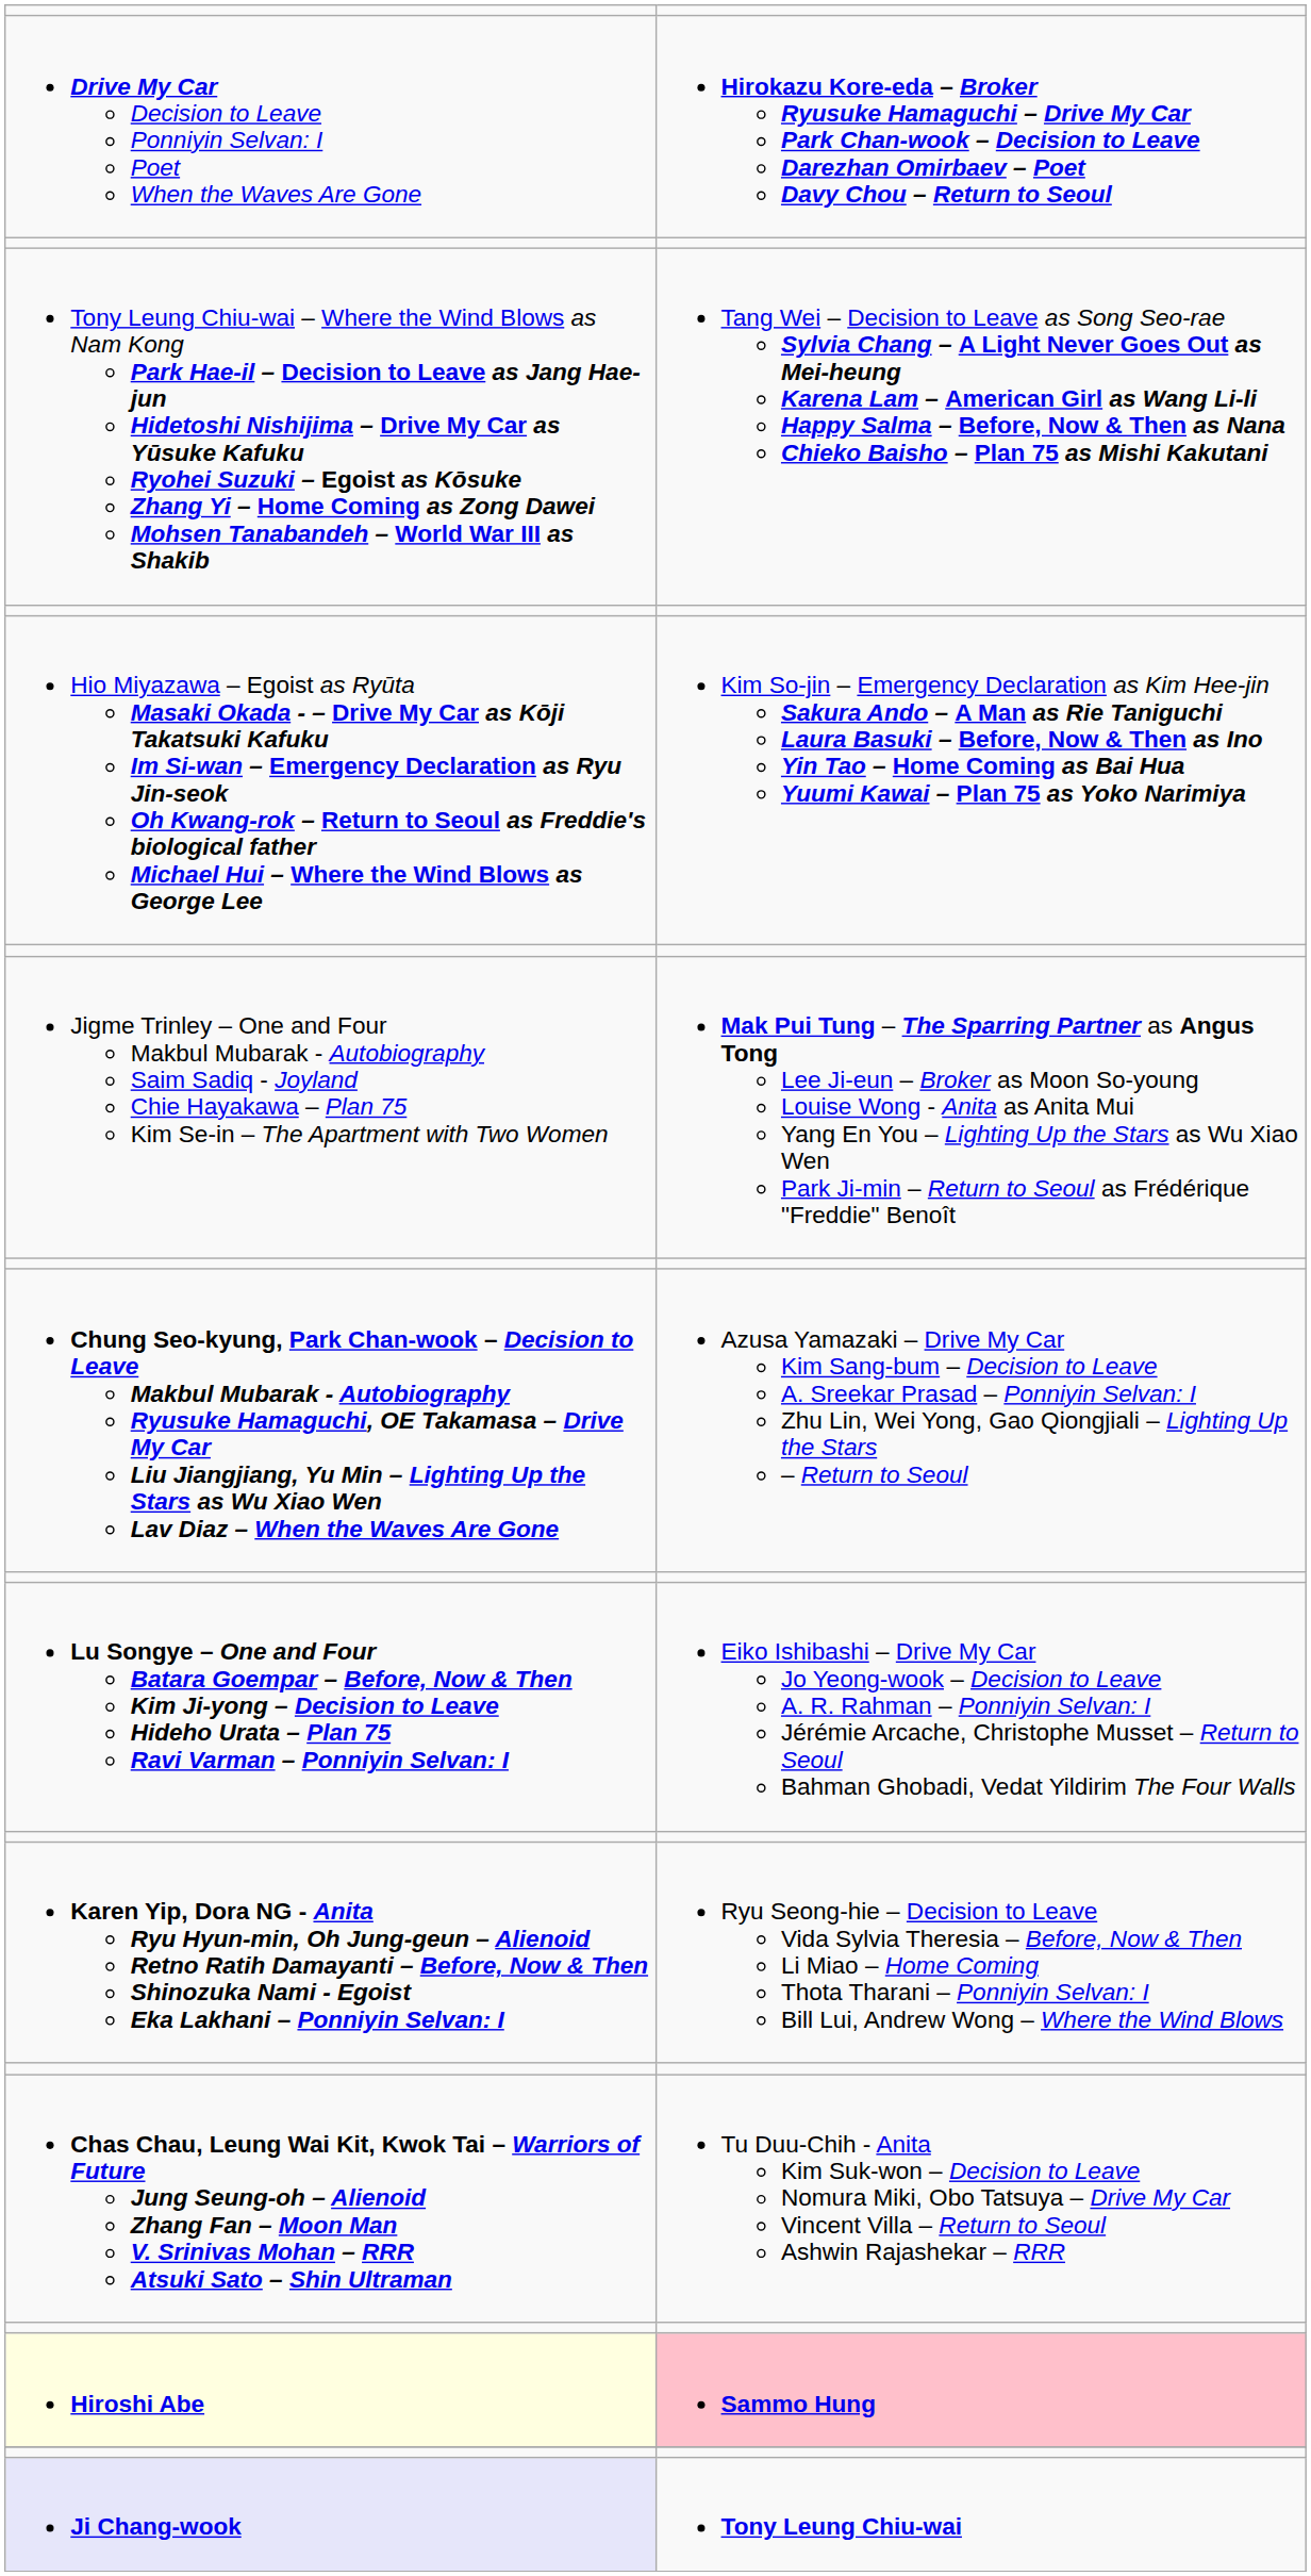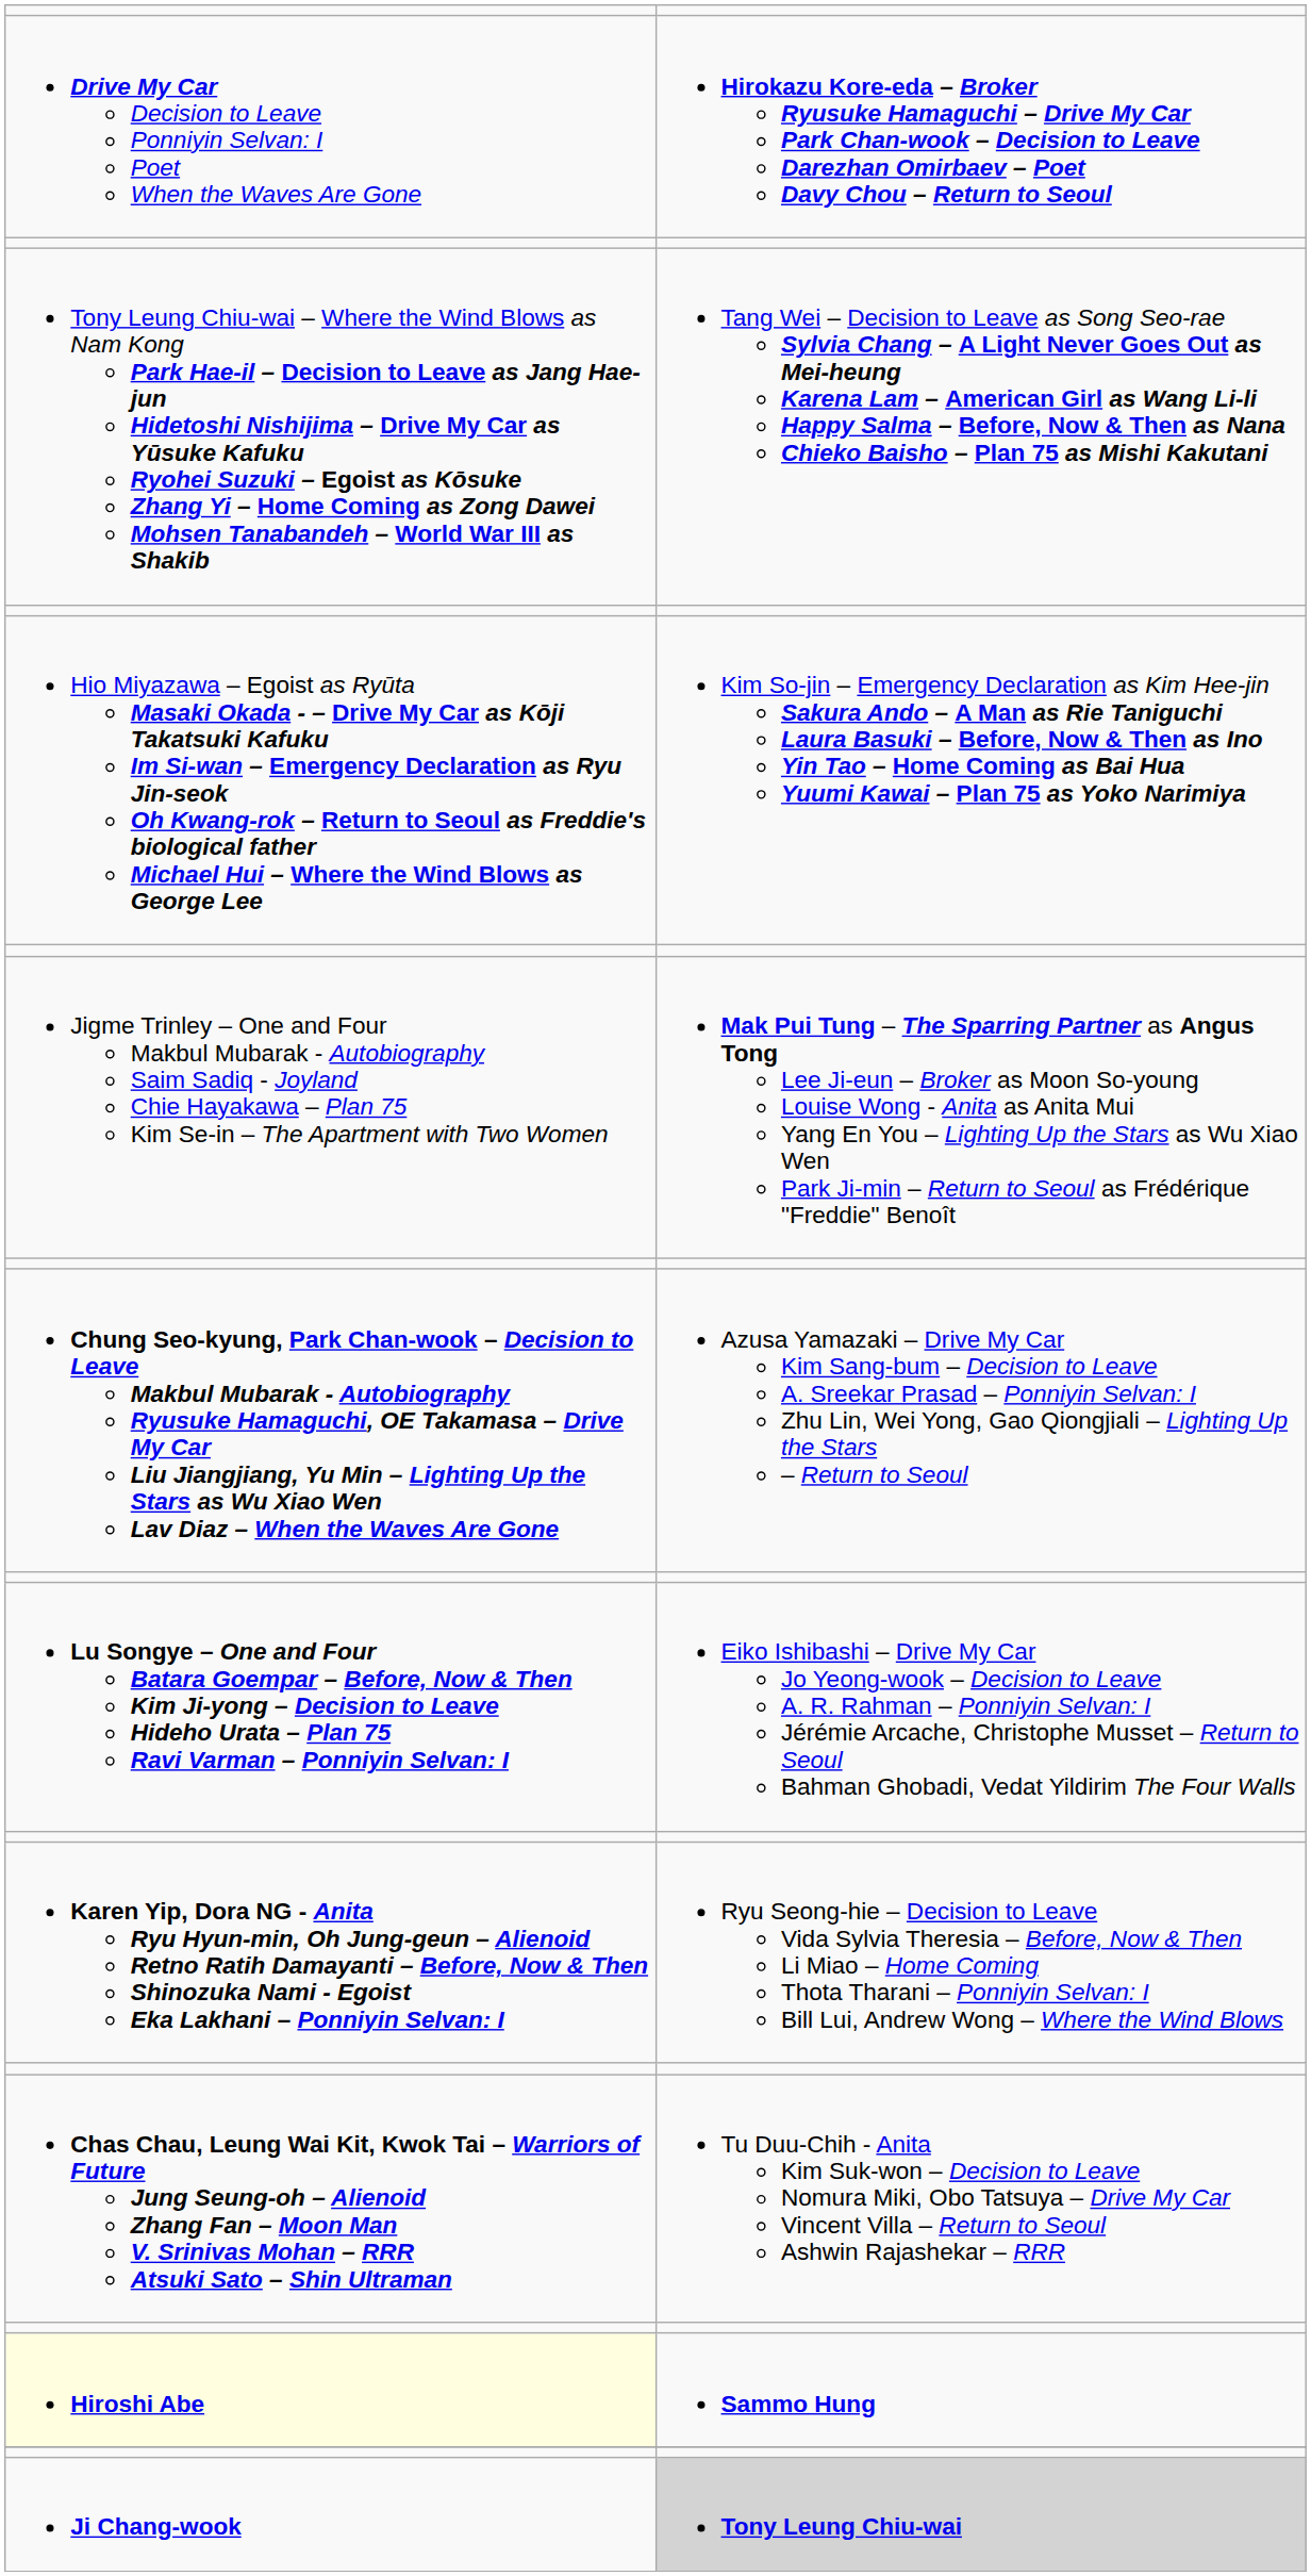 <table class="wikitable">
 <tr>
 <td></td>
 <td></td>
 </tr>
 <tr>
 <td valign="top"><br><ul><li><strong><em><a href='#'>Drive My Car</a></em></strong> <ul><li><em><a href='#'>Decision to Leave</a></em></li><li><em><a href='#'>Ponniyin Selvan: I</a></em> </li><li><em><a href='#'>Poet</a></em> </li><li><em><a href='#'>When the Waves Are Gone</a></em> </li></ul></li></ul></td>
 <td valign="top"><br><ul><li><strong><a href='#'>Hirokazu Kore-eda</a> – <em><a href='#'>Broker</a><strong><em> <ul><li><a href='#'>Ryusuke Hamaguchi</a> – </em><a href='#'>Drive My Car</a><em> </li><li><a href='#'>Park Chan-wook</a> – </em><a href='#'>Decision to Leave</a><em> </li><li><a href='#'>Darezhan Omirbaev</a> – </em><a href='#'>Poet</a><em> </li><li><a href='#'>Davy Chou</a> – </em><a href='#'>Return to Seoul</a><em> </li></ul></li></ul></td>
 </tr>
 <tr>
 <td></td>
 <td></td>
 </tr>
 <tr>
 <td valign="top"><br><ul><li></strong><a href='#'>Tony Leung Chiu-wai</a> – </em><a href='#'>Where the Wind Blows</a><em> as Nam Kong<strong> <ul><li><a href='#'>Park Hae-il</a> – </em><a href='#'>Decision to Leave</a><em> as Jang Hae-jun </li><li><a href='#'>Hidetoshi Nishijima</a> – </em><a href='#'>Drive My Car</a><em> as Yūsuke Kafuku </li><li><a href='#'>Ryohei Suzuki</a> – </em>Egoist<em> as Kōsuke </li><li><a href='#'>Zhang Yi</a> – </em><a href='#'>Home Coming</a><em> as Zong Dawei </li><li><a href='#'>Mohsen Tanabandeh</a> – </em><a href='#'>World War III</a><em> as Shakib </li></ul></li></ul></td>
 <td valign="top"><br><ul><li></strong><a href='#'>Tang Wei</a> – </em><a href='#'>Decision to Leave</a><em> as Song Seo-rae<strong> <ul><li><a href='#'>Sylvia Chang</a> – </em><a href='#'>A Light Never Goes Out</a><em> as Mei-heung </li><li><a href='#'>Karena Lam</a> – </em><a href='#'>American Girl</a><em> as Wang Li-li </li><li><a href='#'>Happy Salma</a> – </em><a href='#'>Before, Now & Then</a><em> as Nana </li><li><a href='#'>Chieko Baisho</a> – </em><a href='#'>Plan 75</a><em> as Mishi Kakutani </li></ul></li></ul></td>
 </tr>
 <tr>
 <td style="vertical-align:top; width:50%;"></td>
 <td style="vertical-align:top; width:50%;"></td>
 </tr>
 <tr>
 <td valign="top"><br><ul><li></strong><a href='#'>Hio Miyazawa</a> – </em>Egoist<em> as Ryūta<strong> <ul><li><a href='#'>Masaki Okada</a> - – </em><a href='#'>Drive My Car</a><em> as Kōji Takatsuki Kafuku </li><li><a href='#'>Im Si-wan</a> – </em><a href='#'>Emergency Declaration</a><em> as Ryu Jin-seok </li><li><a href='#'>Oh Kwang-rok</a> – </em><a href='#'>Return to Seoul</a><em> as Freddie's biological father </li><li><a href='#'>Michael Hui</a> – </em><a href='#'>Where the Wind Blows</a><em> as George Lee </li></ul></li></ul></td>
 <td valign="top"><br><ul><li></strong><a href='#'>Kim So-jin</a> – </em><a href='#'>Emergency Declaration</a><em> as Kim Hee-jin<strong> <ul><li><a href='#'>Sakura Ando</a> – </em><a href='#'>A Man</a><em> as Rie Taniguchi </li><li><a href='#'>Laura Basuki</a> – </em><a href='#'>Before, Now & Then</a><em> as Ino </li><li><a href='#'>Yin Tao</a> – </em><a href='#'>Home Coming</a><em> as Bai Hua </li><li><a href='#'>Yuumi Kawai</a> – </em><a href='#'>Plan 75</a><em> as Yoko Narimiya </li></ul></li></ul></td>
 </tr>
 <tr>
 <td style="vertical-align:top; width:50%;"></td>
 <td style="vertical-align:top; width:50%;"></td>
 </tr>
 <tr>
 <td valign="top"><br><ul><li></strong>Jigme Trinley – </em>One and Four</em></strong> <ul><li>Makbul Mubarak - <em><a href='#'>Autobiography</a></em> </li><li><a href='#'>Saim Sadiq</a> - <em><a href='#'>Joyland</a></em> </li><li><a href='#'>Chie Hayakawa</a> – <em><a href='#'>Plan 75</a></em> </li><li>Kim Se-in – <em>The Apartment with Two Women</em> </li></ul></li></ul></td>
 <td valign="top"><br><ul><li><strong><a href='#'>Mak Pui Tung</a></strong> – <strong><em><a href='#'>The Sparring Partner</a></em></strong> as <strong>Angus Tong</strong> <ul><li><a href='#'>Lee Ji-eun</a> – <em><a href='#'>Broker</a></em> as Moon So-young </li><li><a href='#'>Louise Wong</a> - <em><a href='#'>Anita</a></em> as Anita Mui </li><li>Yang En You – <em><a href='#'>Lighting Up the Stars</a></em> as Wu Xiao Wen </li><li><a href='#'>Park Ji-min</a> – <em><a href='#'>Return to Seoul</a></em> as Frédérique "Freddie" Benoît </li></ul></li></ul></td>
 </tr>
 <tr>
 <td style="vertical-align:top; width:50%;"></td>
 <td style="vertical-align:top; width:50%;"></td>
 </tr>
 <tr>
 <td valign="top"><br><ul><li><strong>Chung Seo-kyung, <a href='#'>Park Chan-wook</a> – <em><a href='#'>Decision to Leave</a><strong><em>  <ul><li>Makbul Mubarak - </em><a href='#'>Autobiography</a><em> </li><li><a href='#'>Ryusuke Hamaguchi</a>, OE Takamasa – </em><a href='#'>Drive My Car</a><em> </li><li>Liu Jiangjiang, Yu Min – </em><a href='#'>Lighting Up the Stars</a><em> as Wu Xiao Wen </li><li>Lav Diaz – </em><a href='#'>When the Waves Are Gone</a><em> </li></ul></li></ul></td>
 <td valign="top"><br><ul><li></strong>Azusa Yamazaki – </em><a href='#'>Drive My Car</a></em></strong> <ul><li><a href='#'>Kim Sang-bum</a> – <em><a href='#'>Decision to Leave</a></em> </li><li><a href='#'>A. Sreekar Prasad</a> – <em><a href='#'>Ponniyin Selvan: I</a></em> </li><li>Zhu Lin, Wei Yong, Gao Qiongjiali – <em><a href='#'>Lighting Up the Stars</a></em>  </li><li> – <em><a href='#'>Return to Seoul</a></em> </li></ul></li></ul></td>
 </tr>
 <tr>
 <td style="vertical-align:top; width:50%;"></td>
 <td style="vertical-align:top; width:50%;"></td>
 </tr>
 <tr>
 <td valign="top"><br><ul><li><strong>Lu Songye – <em>One and Four<strong><em> <ul><li><a href='#'>Batara Goempar</a> – </em><a href='#'>Before, Now & Then</a><em> </li><li>Kim Ji-yong – </em><a href='#'>Decision to Leave</a><em> </li><li>Hideho Urata  – </em><a href='#'>Plan 75</a><em> </li><li><a href='#'>Ravi Varman</a> – </em><a href='#'>Ponniyin Selvan: I</a><em> </li></ul></li></ul></td>
 <td valign="top"><br><ul><li></strong><a href='#'>Eiko Ishibashi</a> – </em><a href='#'>Drive My Car</a></em></strong> <ul><li><a href='#'>Jo Yeong-wook</a> – <em><a href='#'>Decision to Leave</a></em> </li><li><a href='#'>A. R. Rahman</a> – <em><a href='#'>Ponniyin Selvan: I</a></em> </li><li>Jérémie Arcache, Christophe Musset – <em><a href='#'>Return to Seoul</a></em> </li><li>Bahman Ghobadi, Vedat Yildirim <em>The Four Walls</em> </li></ul></li></ul></td>
 </tr>
 <tr>
 <td style="vertical-align:top; width:50%;"></td>
 <td style="vertical-align:top; width:50%;"></td>
 </tr>
 <tr>
 <td valign="top"><br><ul><li><strong>Karen Yip, Dora NG - <em><a href='#'>Anita</a><strong><em> <ul><li>Ryu Hyun-min, Oh Jung-geun – </em><a href='#'>Alienoid</a><em> </li><li>Retno Ratih Damayanti – </em><a href='#'>Before, Now & Then</a><em> </li><li>Shinozuka Nami - </em>Egoist<em> </li><li>Eka Lakhani – </em><a href='#'>Ponniyin Selvan: I</a><em> </li></ul></li></ul></td>
 <td valign="top"><br><ul><li></strong>Ryu Seong-hie – </em><a href='#'>Decision to Leave</a></em></strong> <ul><li>Vida Sylvia Theresia – <em><a href='#'>Before, Now & Then</a></em> </li><li>Li Miao – <em><a href='#'>Home Coming</a></em> </li><li>Thota Tharani – <em><a href='#'>Ponniyin Selvan: I</a></em> </li><li>Bill Lui, Andrew Wong – <em><a href='#'>Where the Wind Blows</a></em> </li></ul></li></ul></td>
 </tr>
 <tr>
 <td style="vertical-align:top; width:50%;"></td>
 <td style="vertical-align:top; width:50%;"></td>
 </tr>
 <tr>
 <td valign="top"><br><ul><li><strong>Chas Chau, Leung Wai Kit, Kwok Tai – <em><a href='#'>Warriors of Future</a><strong><em> <ul><li>Jung Seung-oh – </em><a href='#'>Alienoid</a><em> </li><li>Zhang Fan – </em><a href='#'>Moon Man</a><em> </li><li><a href='#'>V. Srinivas Mohan</a> – </em><a href='#'>RRR</a><em> </li><li><a href='#'>Atsuki Sato</a> – </em><a href='#'>Shin Ultraman</a><em> </li></ul></li></ul></td>
 <td valign="top"><br><ul><li></strong>Tu Duu-Chih - </em><a href='#'>Anita</a></em></strong> <ul><li>Kim Suk-won – <em><a href='#'>Decision to Leave</a></em> </li><li>Nomura Miki, Obo Tatsuya – <em><a href='#'>Drive My Car</a></em> </li><li>Vincent Villa – <em><a href='#'>Return to Seoul</a></em> </li><li>Ashwin Rajashekar – <em><a href='#'>RRR</a></em> </li></ul></li></ul></td>
 </tr>
 <tr>
 <td style="vertical-align:top; width:50%;"></td>
 <td style="vertical-align:top; width:50%;"></td>
 </tr>
 <tr>
 <td valign="top" style="background: lightyellow;"><br><ul><li><strong><a href='#'>Hiroshi Abe</a></strong> </li></ul></td>
-<td valign="top" style="background: pink;"><br><ul><li><strong><a href='#'>Sammo Hung</a></strong> </li></ul></td>
+<td valign="top"><br><ul><li><strong><a href='#'>Sammo Hung</a></strong> </li></ul></td>
 </tr>
 <tr>
 </tr>
 <tr>
 <td style="vertical-align:top; width:50%;"></td>
 <td style="vertical-align:top; width:50%;"></td>
 </tr>
 <tr>
-<td valign="top" style="background: lavender;"><br><ul><li><strong><a href='#'>Ji Chang-wook</a></strong> </li></ul></td>
-<td valign="top"><br><ul><li><strong><a href='#'>Tony Leung Chiu-wai</a></strong></li></ul></td>
+<td valign="top"><br><ul><li><strong><a href='#'>Ji Chang-wook</a></strong> </li></ul></td>
+<td valign="top" style="background: lightgrey;"><br><ul><li><strong><a href='#'>Tony Leung Chiu-wai</a></strong></li></ul></td>
 </tr>
 <tr>
 </tr>
 </table>
